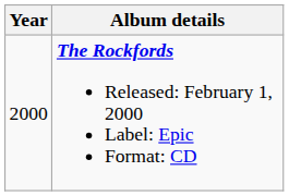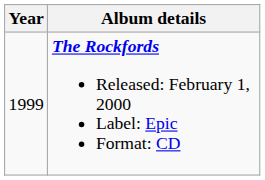 <table class ="wikitable" border="1">
 <tr>
 <th>Year</th>
 <th width="185">Album details</th>
 </tr>
 <tr>
-<td>2000</td>
+<td>1999</td>
 <td><strong><em><a href='#'>The Rockfords</a></em></strong><br><ul><li>Released: February 1, 2000</li><li>Label: <a href='#'>Epic</a></li><li>Format: <a href='#'>CD</a></li></ul></td>
 </tr>
 </table>
